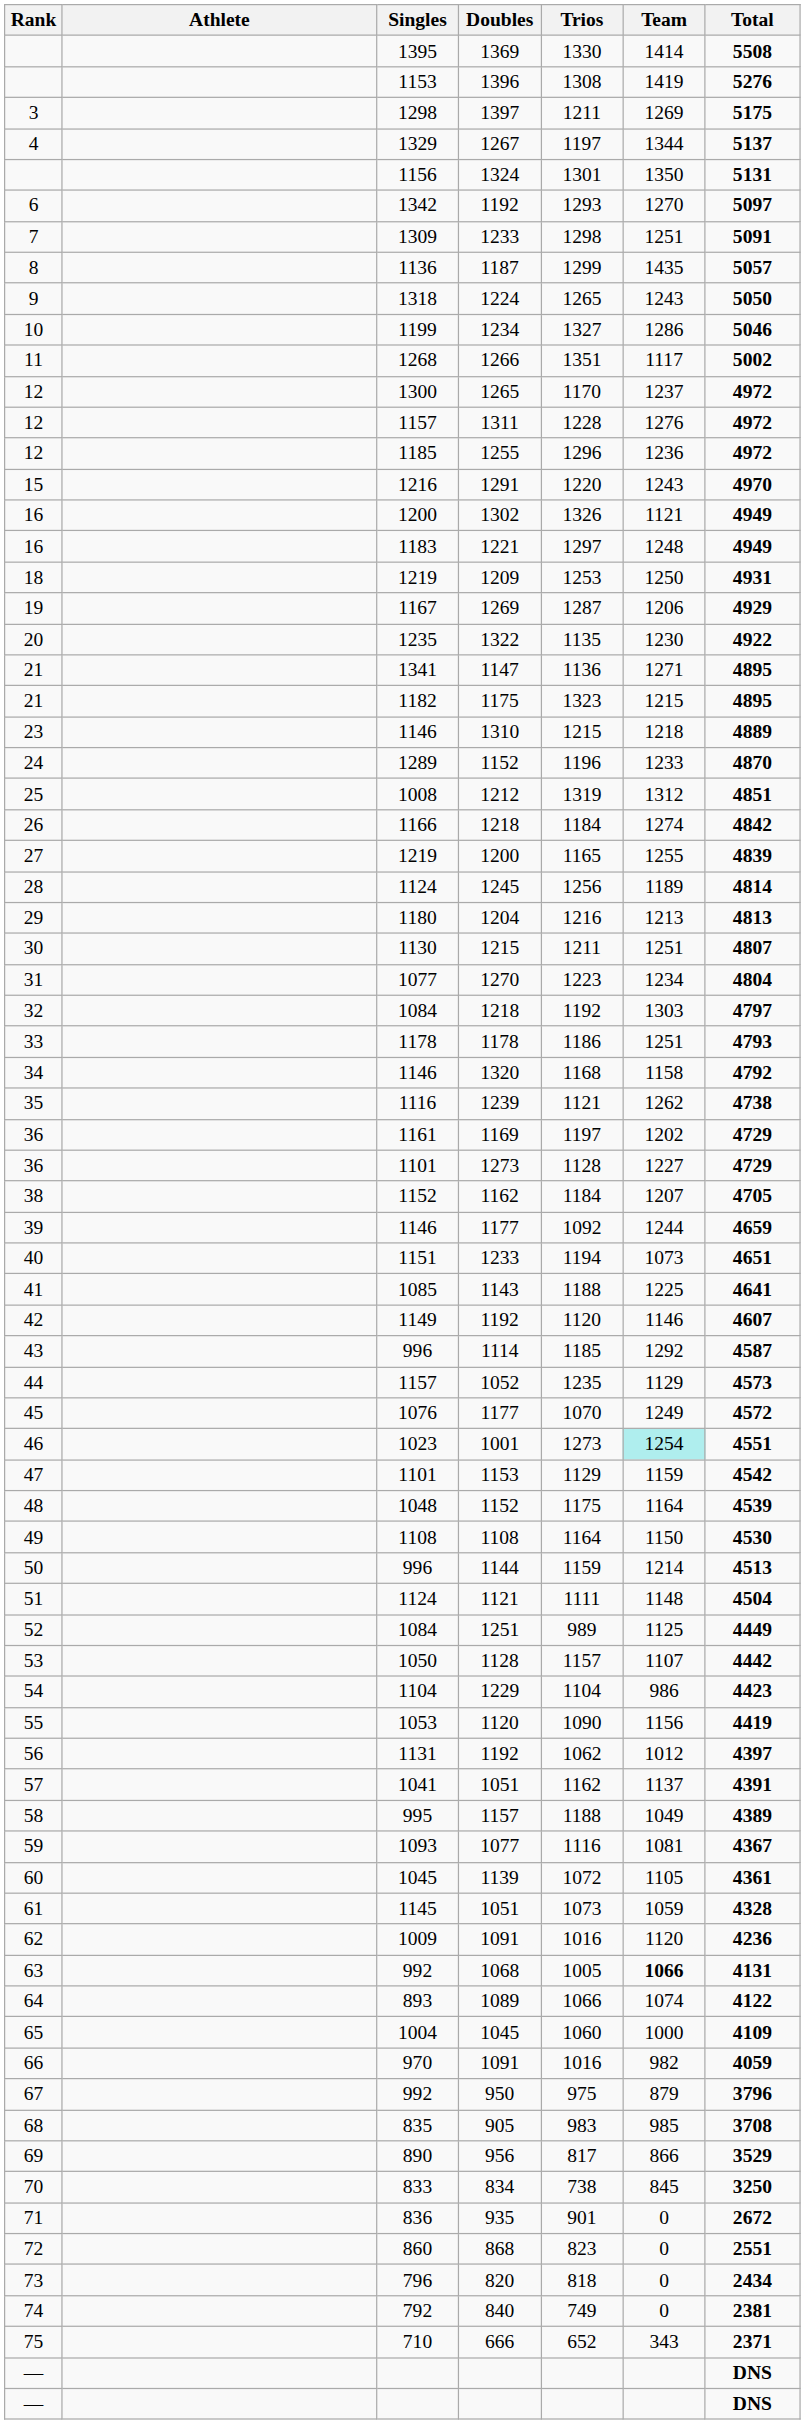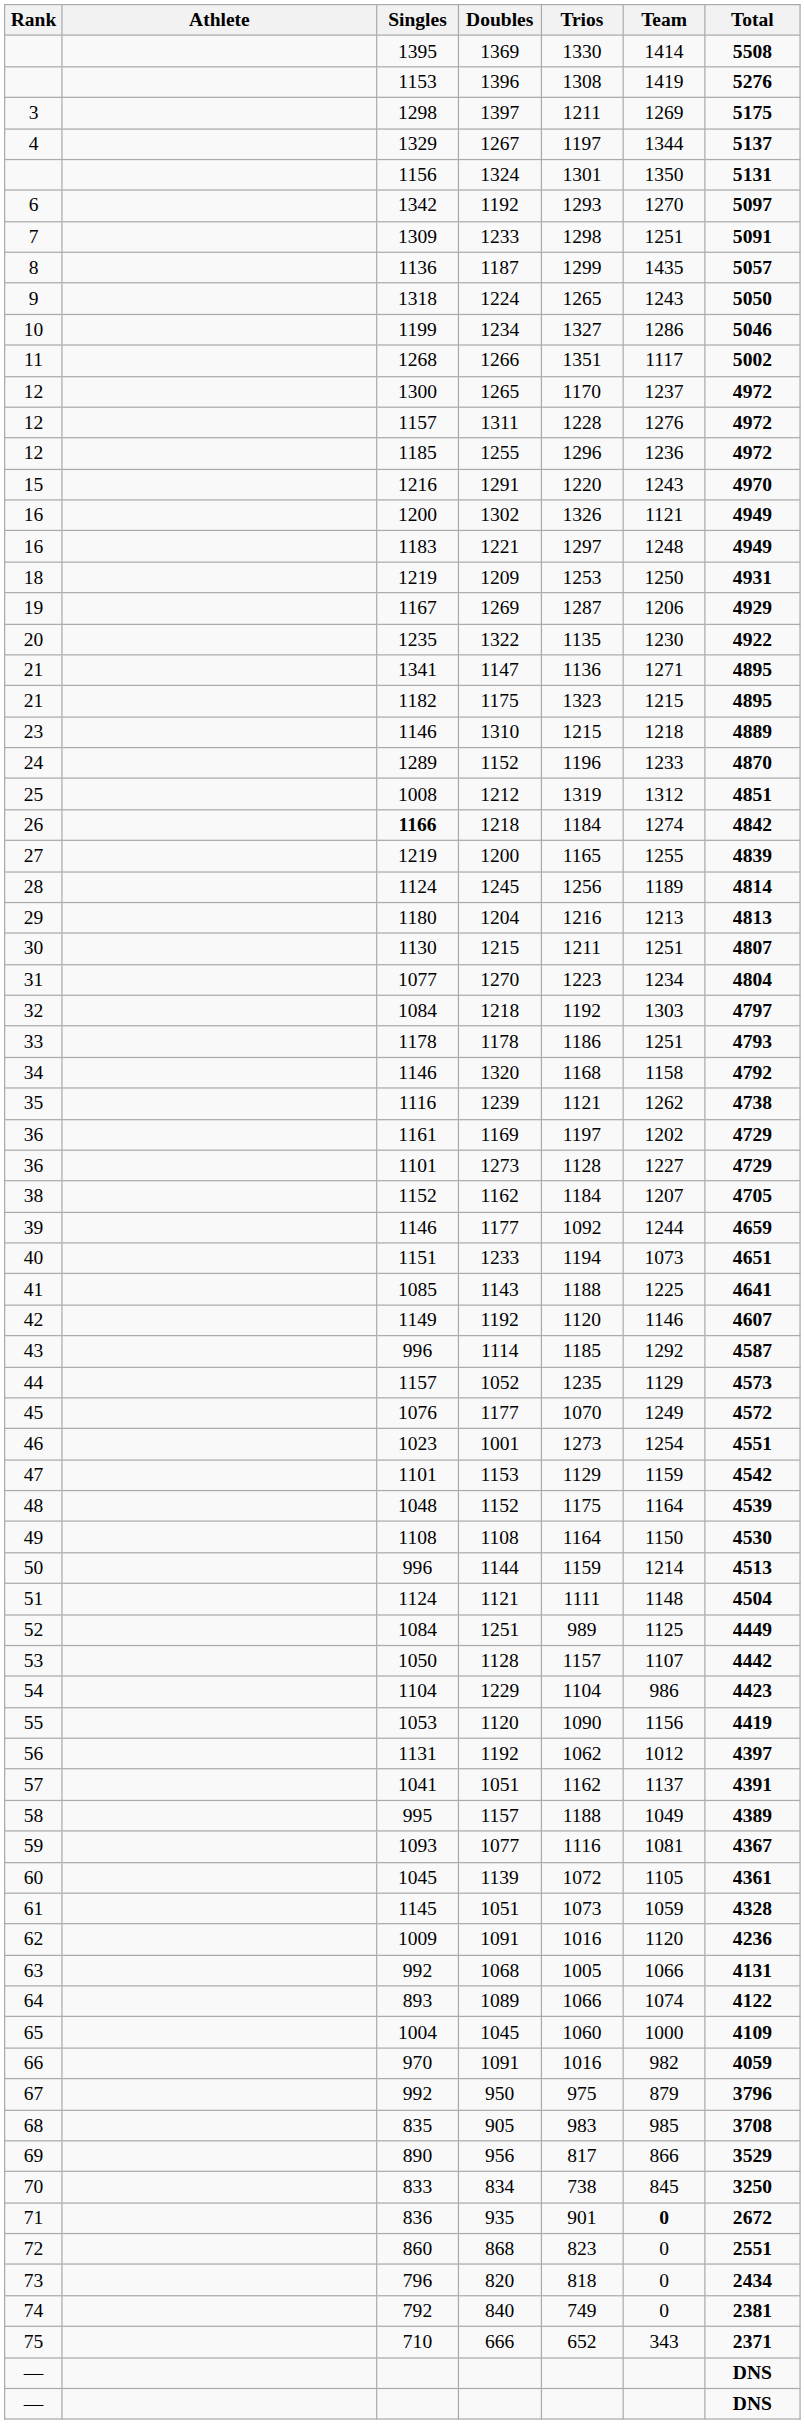 <table class=wikitable style="text-align:center">
 <tr>
 <th width=40>Rank</th>
 <th width=250>Athlete</th>
 <th width=60>Singles</th>
 <th width=60>Doubles</th>
 <th width=60>Trios</th>
 <th width=60>Team</th>
 <th width=70>Total</th>
 </tr>
 <tr>
 <td></td>
 <td align=left></td>
 <td>1395</td>
 <td>1369</td>
 <td>1330</td>
 <td>1414</td>
 <td><strong>5508</strong></td>
 </tr>
 <tr>
 <td></td>
 <td align=left></td>
 <td>1153</td>
 <td>1396</td>
 <td>1308</td>
 <td>1419</td>
 <td><strong>5276</strong></td>
 </tr>
 <tr>
 <td>3</td>
 <td align=left></td>
 <td>1298</td>
 <td>1397</td>
 <td>1211</td>
 <td>1269</td>
 <td><strong>5175</strong></td>
 </tr>
 <tr>
 <td>4</td>
 <td align=left></td>
 <td>1329</td>
 <td>1267</td>
 <td>1197</td>
 <td>1344</td>
 <td><strong>5137</strong></td>
 </tr>
 <tr>
 <td></td>
 <td align=left></td>
 <td>1156</td>
 <td>1324</td>
 <td>1301</td>
 <td>1350</td>
 <td><strong>5131</strong></td>
 </tr>
 <tr>
 <td>6</td>
 <td align=left></td>
 <td>1342</td>
 <td>1192</td>
 <td>1293</td>
 <td>1270</td>
 <td><strong>5097</strong></td>
 </tr>
 <tr>
 <td>7</td>
 <td align=left></td>
 <td>1309</td>
 <td>1233</td>
 <td>1298</td>
 <td>1251</td>
 <td><strong>5091</strong></td>
 </tr>
 <tr>
 <td>8</td>
 <td align=left></td>
 <td>1136</td>
 <td>1187</td>
 <td>1299</td>
 <td>1435</td>
 <td><strong>5057</strong></td>
 </tr>
 <tr>
 <td>9</td>
 <td align=left></td>
 <td>1318</td>
 <td>1224</td>
 <td>1265</td>
 <td>1243</td>
 <td><strong>5050</strong></td>
 </tr>
 <tr>
 <td>10</td>
 <td align=left></td>
 <td>1199</td>
 <td>1234</td>
 <td>1327</td>
 <td>1286</td>
 <td><strong>5046</strong></td>
 </tr>
 <tr>
 <td>11</td>
 <td align=left></td>
 <td>1268</td>
 <td>1266</td>
 <td>1351</td>
 <td>1117</td>
 <td><strong>5002</strong></td>
 </tr>
 <tr>
 <td>12</td>
 <td align=left></td>
 <td>1300</td>
 <td>1265</td>
 <td>1170</td>
 <td>1237</td>
 <td><strong>4972</strong></td>
 </tr>
 <tr>
 <td>12</td>
 <td align=left></td>
 <td>1157</td>
 <td>1311</td>
 <td>1228</td>
 <td>1276</td>
 <td><strong>4972</strong></td>
 </tr>
 <tr>
 <td>12</td>
 <td align=left></td>
 <td>1185</td>
 <td>1255</td>
 <td>1296</td>
 <td>1236</td>
 <td><strong>4972</strong></td>
 </tr>
 <tr>
 <td>15</td>
 <td align=left></td>
 <td>1216</td>
 <td>1291</td>
 <td>1220</td>
 <td>1243</td>
 <td><strong>4970</strong></td>
 </tr>
 <tr>
 <td>16</td>
 <td align=left></td>
 <td>1200</td>
 <td>1302</td>
 <td>1326</td>
 <td>1121</td>
 <td><strong>4949</strong></td>
 </tr>
 <tr>
 <td>16</td>
 <td align=left></td>
 <td>1183</td>
 <td>1221</td>
 <td>1297</td>
 <td>1248</td>
 <td><strong>4949</strong></td>
 </tr>
 <tr>
 <td>18</td>
 <td align=left></td>
 <td>1219</td>
 <td>1209</td>
 <td>1253</td>
 <td>1250</td>
 <td><strong>4931</strong></td>
 </tr>
 <tr>
 <td>19</td>
 <td align=left></td>
 <td>1167</td>
 <td>1269</td>
 <td>1287</td>
 <td>1206</td>
 <td><strong>4929</strong></td>
 </tr>
 <tr>
 <td>20</td>
 <td align=left></td>
 <td>1235</td>
 <td>1322</td>
 <td>1135</td>
 <td>1230</td>
 <td><strong>4922</strong></td>
 </tr>
 <tr>
 <td>21</td>
 <td align=left></td>
 <td>1341</td>
 <td>1147</td>
 <td>1136</td>
 <td>1271</td>
 <td><strong>4895</strong></td>
 </tr>
 <tr>
 <td>21</td>
 <td align=left></td>
 <td>1182</td>
 <td>1175</td>
 <td>1323</td>
 <td>1215</td>
 <td><strong>4895</strong></td>
 </tr>
 <tr>
 <td>23</td>
 <td align=left></td>
 <td>1146</td>
 <td>1310</td>
 <td>1215</td>
 <td>1218</td>
 <td><strong>4889</strong></td>
 </tr>
 <tr>
 <td>24</td>
 <td align=left></td>
 <td>1289</td>
 <td>1152</td>
 <td>1196</td>
 <td>1233</td>
 <td><strong>4870</strong></td>
 </tr>
 <tr>
 <td>25</td>
 <td align=left></td>
 <td>1008</td>
 <td>1212</td>
 <td>1319</td>
 <td>1312</td>
 <td><strong>4851</strong></td>
 </tr>
 <tr>
 <td>26</td>
 <td align=left></td>
-<td>1166</td>
+<td><strong>1166</strong></td>
 <td>1218</td>
 <td>1184</td>
 <td>1274</td>
 <td><strong>4842</strong></td>
 </tr>
 <tr>
 <td>27</td>
 <td align=left></td>
 <td>1219</td>
 <td>1200</td>
 <td>1165</td>
 <td>1255</td>
 <td><strong>4839</strong></td>
 </tr>
 <tr>
 <td>28</td>
 <td align=left></td>
 <td>1124</td>
 <td>1245</td>
 <td>1256</td>
 <td>1189</td>
 <td><strong>4814</strong></td>
 </tr>
 <tr>
 <td>29</td>
 <td align=left></td>
 <td>1180</td>
 <td>1204</td>
 <td>1216</td>
 <td>1213</td>
 <td><strong>4813</strong></td>
 </tr>
 <tr>
 <td>30</td>
 <td align=left></td>
 <td>1130</td>
 <td>1215</td>
 <td>1211</td>
 <td>1251</td>
 <td><strong>4807</strong></td>
 </tr>
 <tr>
 <td>31</td>
 <td align=left></td>
 <td>1077</td>
 <td>1270</td>
 <td>1223</td>
 <td>1234</td>
 <td><strong>4804</strong></td>
 </tr>
 <tr>
 <td>32</td>
 <td align=left></td>
 <td>1084</td>
 <td>1218</td>
 <td>1192</td>
 <td>1303</td>
 <td><strong>4797</strong></td>
 </tr>
 <tr>
 <td>33</td>
 <td align=left></td>
 <td>1178</td>
 <td>1178</td>
 <td>1186</td>
 <td>1251</td>
 <td><strong>4793</strong></td>
 </tr>
 <tr>
 <td>34</td>
 <td align=left></td>
 <td>1146</td>
 <td>1320</td>
 <td>1168</td>
 <td>1158</td>
 <td><strong>4792</strong></td>
 </tr>
 <tr>
 <td>35</td>
 <td align=left></td>
 <td>1116</td>
 <td>1239</td>
 <td>1121</td>
 <td>1262</td>
 <td><strong>4738</strong></td>
 </tr>
 <tr>
 <td>36</td>
 <td align=left></td>
 <td>1161</td>
 <td>1169</td>
 <td>1197</td>
 <td>1202</td>
 <td><strong>4729</strong></td>
 </tr>
 <tr>
 <td>36</td>
 <td align=left></td>
 <td>1101</td>
 <td>1273</td>
 <td>1128</td>
 <td>1227</td>
 <td><strong>4729</strong></td>
 </tr>
 <tr>
 <td>38</td>
 <td align=left></td>
 <td>1152</td>
 <td>1162</td>
 <td>1184</td>
 <td>1207</td>
 <td><strong>4705</strong></td>
 </tr>
 <tr>
 <td>39</td>
 <td align=left></td>
 <td>1146</td>
 <td>1177</td>
 <td>1092</td>
 <td>1244</td>
 <td><strong>4659</strong></td>
 </tr>
 <tr>
 <td>40</td>
 <td align=left></td>
 <td>1151</td>
 <td>1233</td>
 <td>1194</td>
 <td>1073</td>
 <td><strong>4651</strong></td>
 </tr>
 <tr>
 <td>41</td>
 <td align=left></td>
 <td>1085</td>
 <td>1143</td>
 <td>1188</td>
 <td>1225</td>
 <td><strong>4641</strong></td>
 </tr>
 <tr>
 <td>42</td>
 <td align=left></td>
 <td>1149</td>
 <td>1192</td>
 <td>1120</td>
 <td>1146</td>
 <td><strong>4607</strong></td>
 </tr>
 <tr>
 <td>43</td>
 <td align=left></td>
 <td>996</td>
 <td>1114</td>
 <td>1185</td>
 <td>1292</td>
 <td><strong>4587</strong></td>
 </tr>
 <tr>
 <td>44</td>
 <td align=left></td>
 <td>1157</td>
 <td>1052</td>
 <td>1235</td>
 <td>1129</td>
 <td><strong>4573</strong></td>
 </tr>
 <tr>
 <td>45</td>
 <td align=left></td>
 <td>1076</td>
 <td>1177</td>
 <td>1070</td>
 <td>1249</td>
 <td><strong>4572</strong></td>
 </tr>
 <tr>
 <td>46</td>
 <td align=left></td>
 <td>1023</td>
 <td>1001</td>
 <td>1273</td>
-<td style="background: paleturquoise;">1254</td>
+<td>1254</td>
 <td><strong>4551</strong></td>
 </tr>
 <tr>
 <td>47</td>
 <td align=left></td>
 <td>1101</td>
 <td>1153</td>
 <td>1129</td>
 <td>1159</td>
 <td><strong>4542</strong></td>
 </tr>
 <tr>
 <td>48</td>
 <td align=left></td>
 <td>1048</td>
 <td>1152</td>
 <td>1175</td>
 <td>1164</td>
 <td><strong>4539</strong></td>
 </tr>
 <tr>
 <td>49</td>
 <td align=left></td>
 <td>1108</td>
 <td>1108</td>
 <td>1164</td>
 <td>1150</td>
 <td><strong>4530</strong></td>
 </tr>
 <tr>
 <td>50</td>
 <td align=left></td>
 <td>996</td>
 <td>1144</td>
 <td>1159</td>
 <td>1214</td>
 <td><strong>4513</strong></td>
 </tr>
 <tr>
 <td>51</td>
 <td align=left></td>
 <td>1124</td>
 <td>1121</td>
 <td>1111</td>
 <td>1148</td>
 <td><strong>4504</strong></td>
 </tr>
 <tr>
 <td>52</td>
 <td align=left></td>
 <td>1084</td>
 <td>1251</td>
 <td>989</td>
 <td>1125</td>
 <td><strong>4449</strong></td>
 </tr>
 <tr>
 <td>53</td>
 <td align=left></td>
 <td>1050</td>
 <td>1128</td>
 <td>1157</td>
 <td>1107</td>
 <td><strong>4442</strong></td>
 </tr>
 <tr>
 <td>54</td>
 <td align=left></td>
 <td>1104</td>
 <td>1229</td>
 <td>1104</td>
 <td>986</td>
 <td><strong>4423</strong></td>
 </tr>
 <tr>
 <td>55</td>
 <td align=left></td>
 <td>1053</td>
 <td>1120</td>
 <td>1090</td>
 <td>1156</td>
 <td><strong>4419</strong></td>
 </tr>
 <tr>
 <td>56</td>
 <td align=left></td>
 <td>1131</td>
 <td>1192</td>
 <td>1062</td>
 <td>1012</td>
 <td><strong>4397</strong></td>
 </tr>
 <tr>
 <td>57</td>
 <td align=left></td>
 <td>1041</td>
 <td>1051</td>
 <td>1162</td>
 <td>1137</td>
 <td><strong>4391</strong></td>
 </tr>
 <tr>
 <td>58</td>
 <td align=left></td>
 <td>995</td>
 <td>1157</td>
 <td>1188</td>
 <td>1049</td>
 <td><strong>4389</strong></td>
 </tr>
 <tr>
 <td>59</td>
 <td align=left></td>
 <td>1093</td>
 <td>1077</td>
 <td>1116</td>
 <td>1081</td>
 <td><strong>4367</strong></td>
 </tr>
 <tr>
 <td>60</td>
 <td align=left></td>
 <td>1045</td>
 <td>1139</td>
 <td>1072</td>
 <td>1105</td>
 <td><strong>4361</strong></td>
 </tr>
 <tr>
 <td>61</td>
 <td align=left></td>
 <td>1145</td>
 <td>1051</td>
 <td>1073</td>
 <td>1059</td>
 <td><strong>4328</strong></td>
 </tr>
 <tr>
 <td>62</td>
 <td align=left></td>
 <td>1009</td>
 <td>1091</td>
 <td>1016</td>
 <td>1120</td>
 <td><strong>4236</strong></td>
 </tr>
 <tr>
 <td>63</td>
 <td align=left></td>
 <td>992</td>
 <td>1068</td>
 <td>1005</td>
-<td><strong>1066</strong></td>
+<td>1066</td>
 <td><strong>4131</strong></td>
 </tr>
 <tr>
 <td>64</td>
 <td align=left></td>
 <td>893</td>
 <td>1089</td>
 <td>1066</td>
 <td>1074</td>
 <td><strong>4122</strong></td>
 </tr>
 <tr>
 <td>65</td>
 <td align=left></td>
 <td>1004</td>
 <td>1045</td>
 <td>1060</td>
 <td>1000</td>
 <td><strong>4109</strong></td>
 </tr>
 <tr>
 <td>66</td>
 <td align=left></td>
 <td>970</td>
 <td>1091</td>
 <td>1016</td>
 <td>982</td>
 <td><strong>4059</strong></td>
 </tr>
 <tr>
 <td>67</td>
 <td align=left></td>
 <td>992</td>
 <td>950</td>
 <td>975</td>
 <td>879</td>
 <td><strong>3796</strong></td>
 </tr>
 <tr>
 <td>68</td>
 <td align=left></td>
 <td>835</td>
 <td>905</td>
 <td>983</td>
 <td>985</td>
 <td><strong>3708</strong></td>
 </tr>
 <tr>
 <td>69</td>
 <td align=left></td>
 <td>890</td>
 <td>956</td>
 <td>817</td>
 <td>866</td>
 <td><strong>3529</strong></td>
 </tr>
 <tr>
 <td>70</td>
 <td align=left></td>
 <td>833</td>
 <td>834</td>
 <td>738</td>
 <td>845</td>
 <td><strong>3250</strong></td>
 </tr>
 <tr>
 <td>71</td>
 <td align=left></td>
 <td>836</td>
 <td>935</td>
 <td>901</td>
-<td>0</td>
+<td><strong>0</strong></td>
 <td><strong>2672</strong></td>
 </tr>
 <tr>
 <td>72</td>
 <td align=left></td>
 <td>860</td>
 <td>868</td>
 <td>823</td>
 <td>0</td>
 <td><strong>2551</strong></td>
 </tr>
 <tr>
 <td>73</td>
 <td align=left></td>
 <td>796</td>
 <td>820</td>
 <td>818</td>
 <td>0</td>
 <td><strong>2434</strong></td>
 </tr>
 <tr>
 <td>74</td>
 <td align=left></td>
 <td>792</td>
 <td>840</td>
 <td>749</td>
 <td>0</td>
 <td><strong>2381</strong></td>
 </tr>
 <tr>
 <td>75</td>
 <td align=left></td>
 <td>710</td>
 <td>666</td>
 <td>652</td>
 <td>343</td>
 <td><strong>2371</strong></td>
 </tr>
 <tr>
 <td>—</td>
 <td align=left></td>
 <td></td>
 <td></td>
 <td></td>
 <td></td>
 <td><strong>DNS</strong></td>
 </tr>
 <tr>
 <td>—</td>
 <td align=left></td>
 <td></td>
 <td></td>
 <td></td>
 <td></td>
 <td><strong>DNS</strong></td>
 </tr>
 </table>
